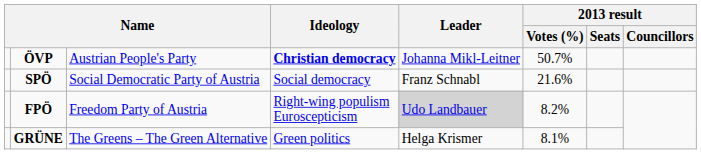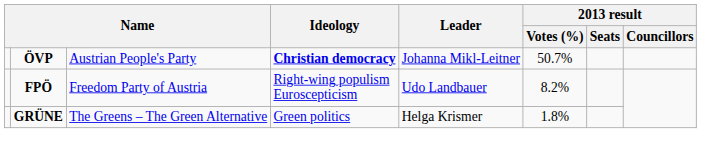 <table class="wikitable">
 <tr>
 <th rowspan="2" colspan="3">Name</th>
 <th rowspan="2">Ideology</th>
 <th rowspan="2">Leader</th>
 <th colspan="3">2013 result</th>
 </tr>
 <tr>
 <th>Votes (%)</th>
 <th>Seats</th>
 <th>Councillors</th>
 </tr>
 <tr>
 <td style="background:"></td>
 <td style="text-align:center;"><strong>ÖVP</strong></td>
 <td><a href='#'>Austrian People's Party</a><br></td>
 <td><strong><a href='#'>Christian democracy</a></strong></td>
 <td><a href='#'>Johanna Mikl-Leitner</a></td>
 <td style="text-align:center;">50.7%</td>
 <td></td>
 <td></td>
 </tr>
 <tr>
 <td style="background:"></td>
-<td style="text-align:center;"><strong>SPÖ</strong></td>
-<td><a href='#'>Social Democratic Party of Austria</a><br></td>
-<td><a href='#'>Social democracy</a></td>
-<td>Franz Schnabl</td>
-<td style="text-align:center;">21.6%</td>
-<td></td>
-<td></td>
-</tr>
-<tr>
-<td style="background:"></td>
 <td style="text-align:center;"><strong>FPÖ</strong></td>
 <td><a href='#'>Freedom Party of Austria</a><br></td>
 <td><a href='#'>Right-wing populism</a><br><a href='#'>Euroscepticism</a></td>
-<td style="background: lightgrey;"><a href='#'>Udo Landbauer</a></td>
+<td><a href='#'>Udo Landbauer</a></td>
 <td style="text-align:center;">8.2%</td>
 <td></td>
 </tr>
 <tr>
 <td style="background:"></td>
 <td style="text-align:center;"><strong>GRÜNE</strong></td>
 <td><a href='#'>The Greens – The Green Alternative</a><br></td>
 <td><a href='#'>Green politics</a></td>
 <td>Helga Krismer</td>
-<td style="text-align:center;">8.1%</td>
+<td style="text-align:center;">1.8%</td>
 <td></td>
 </tr>
 </table>
